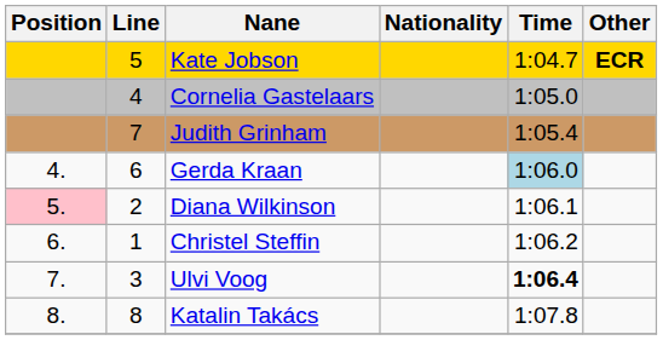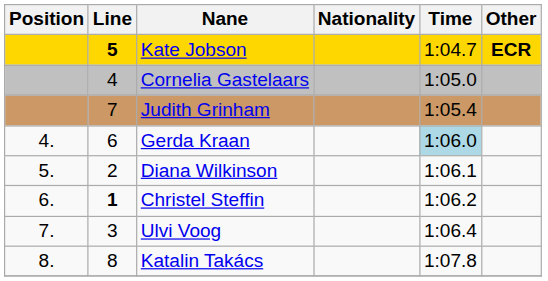 <table class="wikitable sortable" style="text-align:center">
 <tr>
 <th>Position</th>
 <th>Line</th>
 <th>Nane</th>
 <th>Nationality</th>
 <th>Time</th>
 <th>Other</th>
 </tr>
 <tr bgcolor=gold>
 <td></td>
-<td>5</td>
+<td><strong>5</strong></td>
 <td align=left><a href='#'>Kate Jobson</a></td>
 <td align=left></td>
 <td align=right>1:04.7</td>
 <td><strong>ECR</strong></td>
 </tr>
 <tr bgcolor=silver>
 <td></td>
 <td>4</td>
 <td align=left><a href='#'>Cornelia Gastelaars</a></td>
 <td align=left></td>
 <td align=right>1:05.0</td>
 <td></td>
 </tr>
 <tr bgcolor=cc9966>
 <td></td>
 <td>7</td>
 <td align=left><a href='#'>Judith Grinham</a></td>
 <td align=left></td>
 <td align=right>1:05.4</td>
 <td></td>
 </tr>
 <tr>
 <td>4.</td>
 <td>6</td>
 <td align=left><a href='#'>Gerda Kraan</a></td>
 <td align=left></td>
 <td align=right style="background: lightblue;">1:06.0</td>
 <td></td>
 </tr>
 <tr>
-<td style="background: pink;">5.</td>
+<td>5.</td>
 <td>2</td>
 <td align=left><a href='#'>Diana Wilkinson</a></td>
 <td align=left></td>
 <td align=right>1:06.1</td>
 <td></td>
 </tr>
 <tr>
 <td>6.</td>
-<td>1</td>
+<td><strong>1</strong></td>
 <td align=left><a href='#'>Christel Steffin</a></td>
 <td align=left></td>
 <td align=right>1:06.2</td>
 <td></td>
 </tr>
 <tr>
 <td>7.</td>
 <td>3</td>
 <td align=left><a href='#'>Ulvi Voog</a></td>
 <td align=left></td>
-<td align=right><strong>1:06.4</strong></td>
+<td align=right>1:06.4</td>
 <td></td>
 </tr>
 <tr>
 <td>8.</td>
 <td>8</td>
 <td align=left><a href='#'>Katalin Takács</a></td>
 <td align=left></td>
 <td align=right>1:07.8</td>
 <td></td>
 </tr>
 <tr>
 </tr>
 </table>
